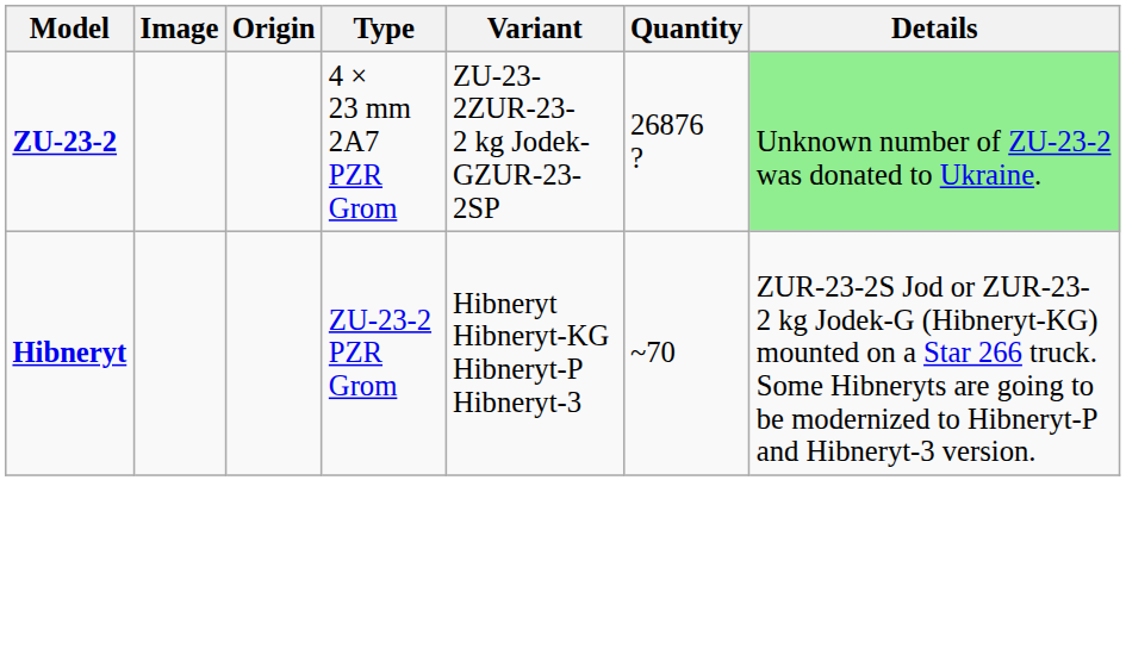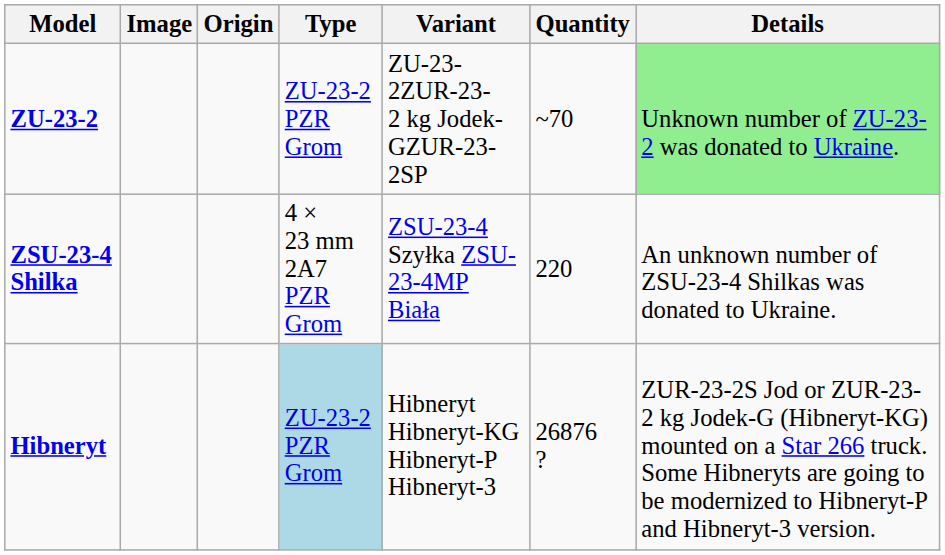 <table class="wikitable">
 <tr>
 <th>Model</th>
 <th>Image</th>
 <th>Origin</th>
 <th>Type</th>
 <th>Variant</th>
 <th>Quantity</th>
 <th>Details</th>
 </tr>
 <tr>
 <td><strong><a href='#'>ZU-23-2</a></strong></td>
 <td></td>
 <td><small></small><br><small></small></td>
+<td><a href='#'>ZU-23-2</a>  	<a href='#'>PZR Grom</a></td>
+<td>ZU-23-2ZUR-23-2 kg Jodek-GZUR-23-2SP</td>
+<td>~70</td>
+<td style="background: lightgreen;"><br>Unknown number of <a href='#'>ZU-23-2</a> was donated to <a href='#'>Ukraine</a>.</td>
+</tr>
+<tr>
+<td><strong><a href='#'>ZSU-23-4 Shilka</a></strong></td>
+<td></td>
+<td><small></small><br><small></small></td>
 <td>4 × 23 mm 2A7      <a href='#'>PZR Grom</a></td>
-<td>ZU-23-2ZUR-23-2 kg Jodek-GZUR-23-2SP</td>
-<td>26876<br>?</td>
-<td style="background: lightgreen;"><br>Unknown number of <a href='#'>ZU-23-2</a> was donated to <a href='#'>Ukraine</a>.</td>
+<td><a href='#'>ZSU-23-4</a> Szyłka <a href='#'>ZSU-23-4MP Biała</a></td>
+<td>220</td>
+<td><br>An unknown number of ZSU-23-4 Shilkas was donated to Ukraine.</td>
 </tr>
 <tr>
 <td><strong><a href='#'>Hibneryt</a></strong></td>
 <td></td>
 <td><small></small></td>
-<td><a href='#'>ZU-23-2</a>         <a href='#'>PZR Grom</a></td>
+<td style="background: lightblue;"><a href='#'>ZU-23-2</a>         <a href='#'>PZR Grom</a></td>
 <td>Hibneryt Hibneryt-KG Hibneryt-P Hibneryt-3</td>
-<td>~70</td>
+<td>26876<br>?</td>
 <td><br>ZUR-23-2S Jod or ZUR-23-2 kg Jodek-G (Hibneryt-KG) mounted on a <a href='#'>Star 266</a> truck. Some Hibneryts are going to be modernized to Hibneryt-P and Hibneryt-3 version.</td>
 </tr>
 </table>
